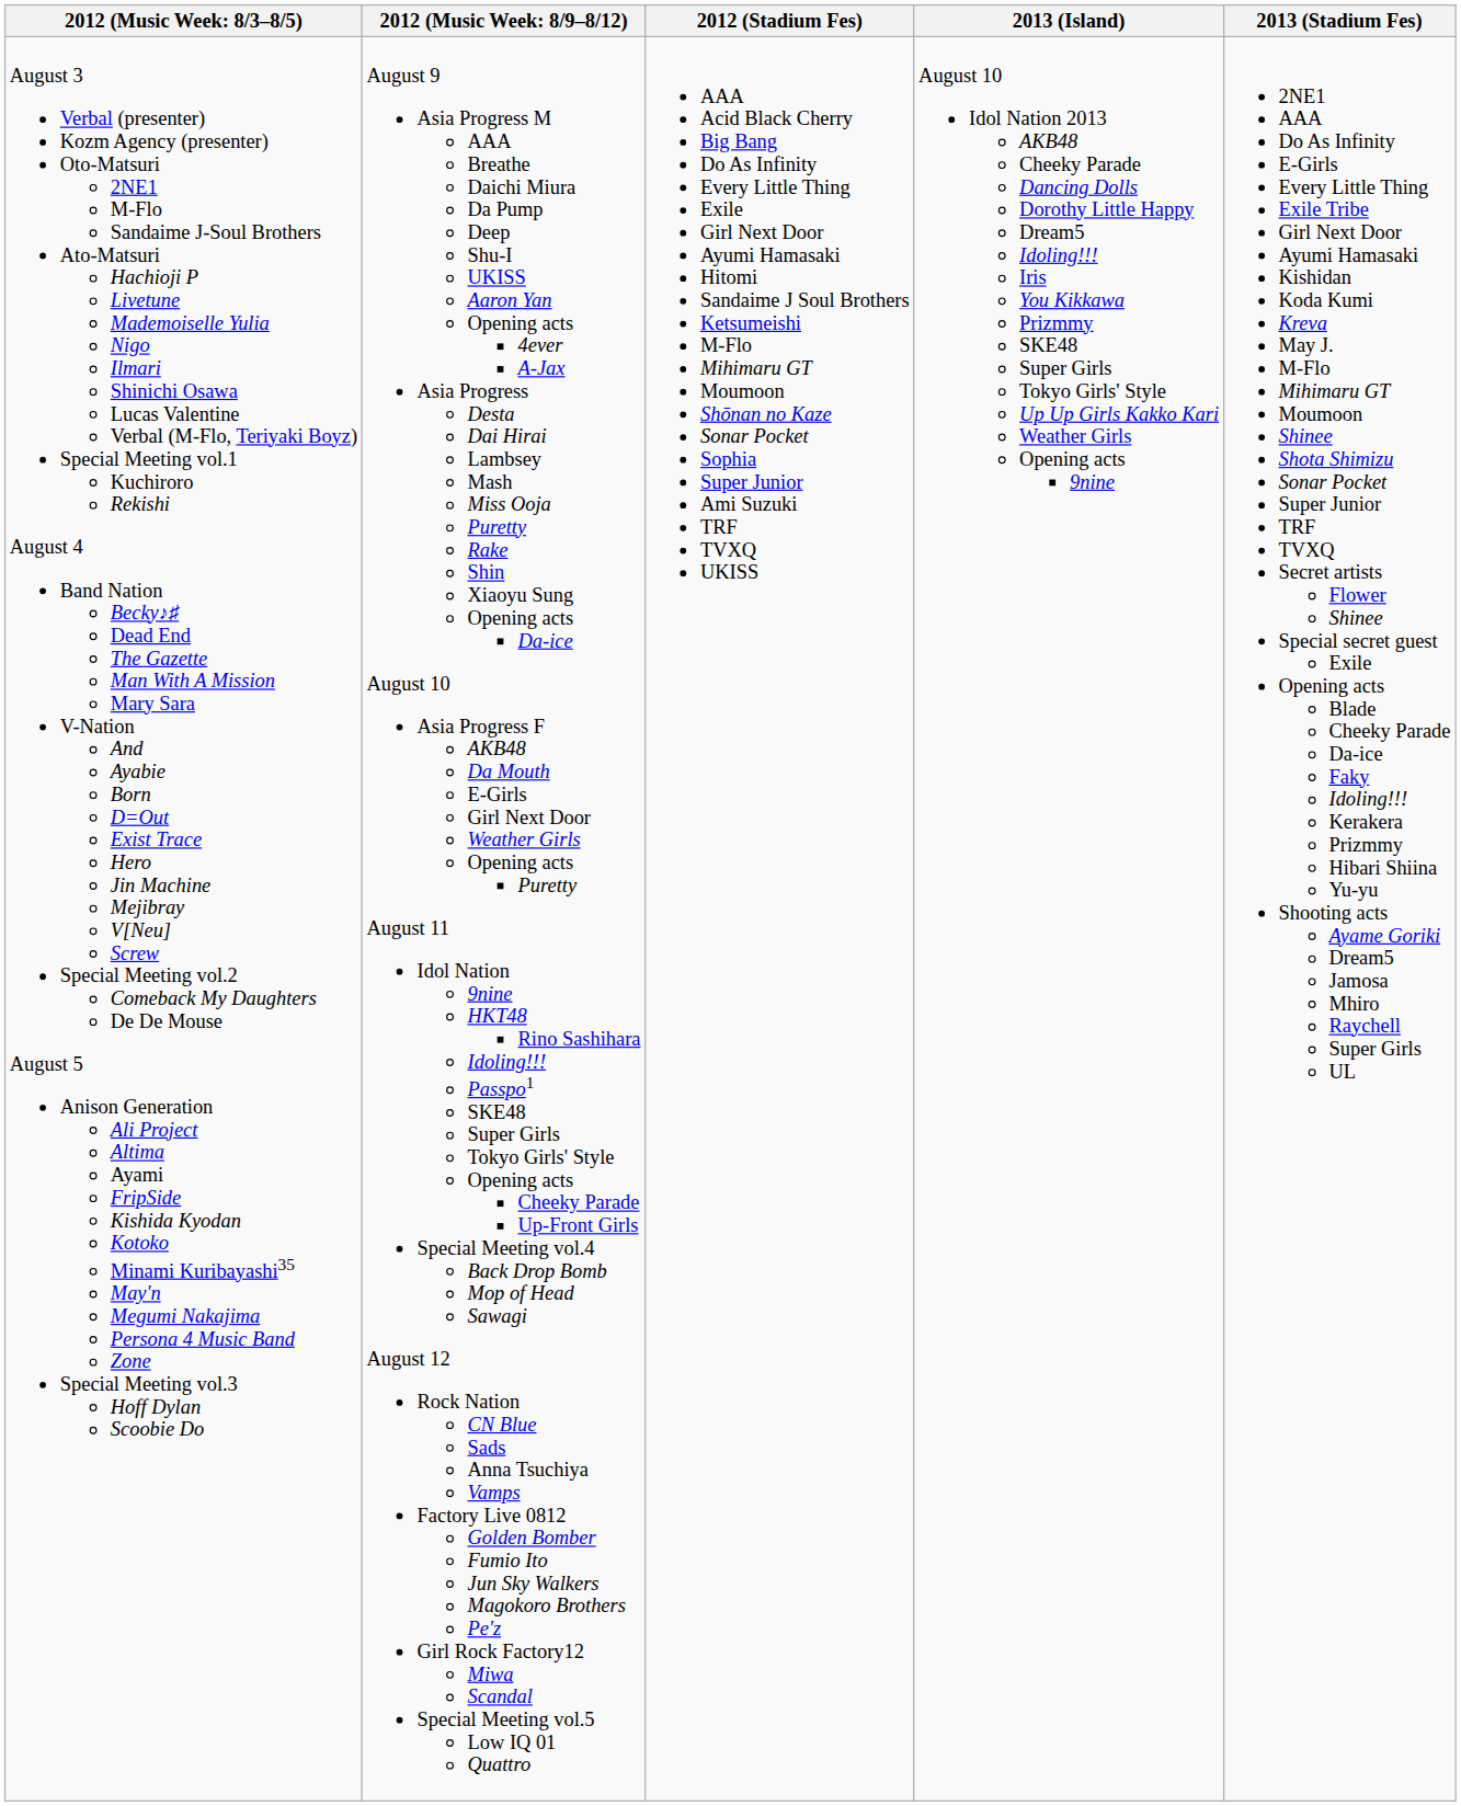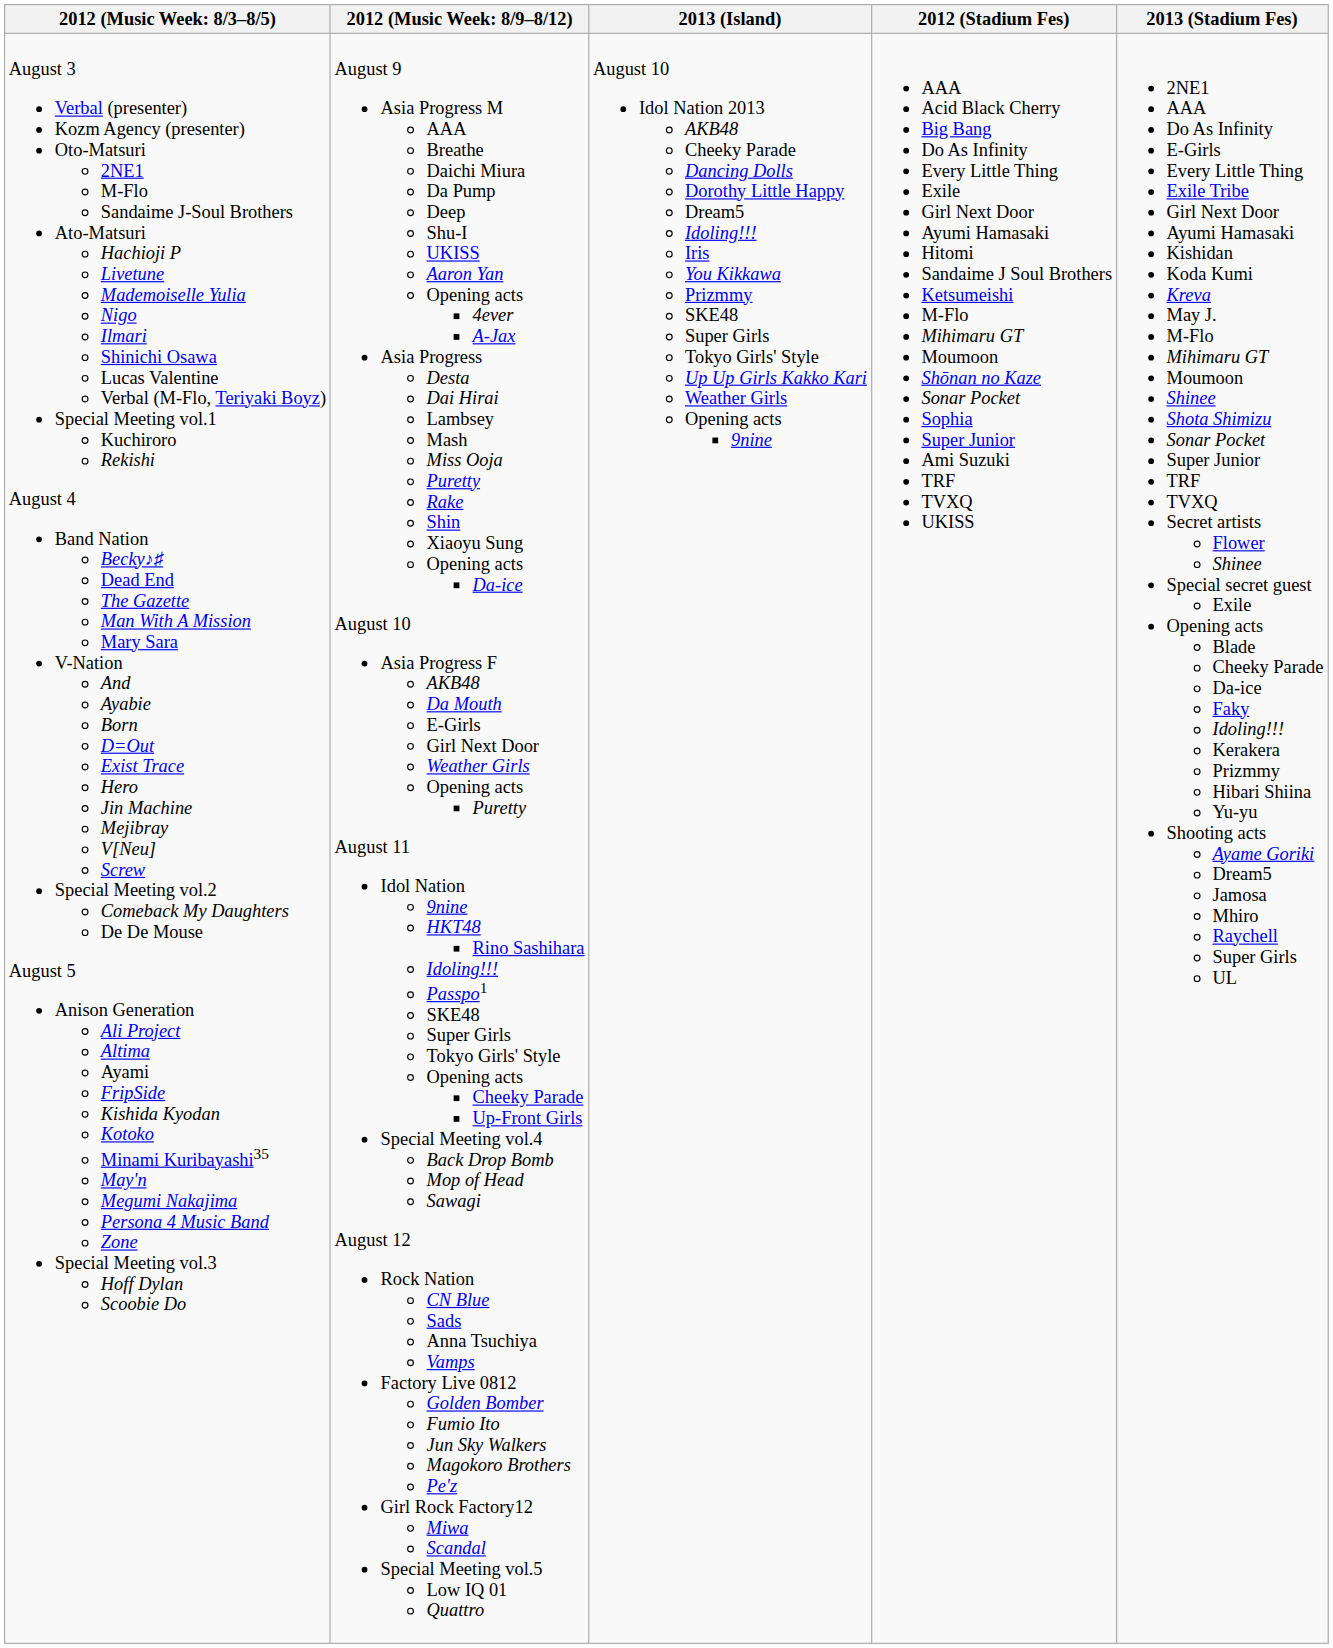 <table class="wikitable">
 <tr>
 <th>2012 (Music Week: 8/3–8/5)</th>
 <th>2012 (Music Week: 8/9–8/12)</th>
+<th>2013 (Island)</th>
 <th>2012 (Stadium Fes)</th>
-<th>2013 (Island)</th>
 <th>2013 (Stadium Fes)</th>
 </tr>
 <tr valign="top">
 <td><br>August 3<ul><li><a href='#'>Verbal</a> (presenter)</li><li>Kozm Agency (presenter)</li><li>Oto-Matsuri<ul><li><a href='#'>2NE1</a></li><li>M-Flo</li><li>Sandaime J-Soul Brothers</li></ul></li><li>Ato-Matsuri<ul><li><em>Hachioji P</em></li><li><em><a href='#'>Livetune</a></em></li><li><em><a href='#'>Mademoiselle Yulia</a></em></li><li><em><a href='#'>Nigo</a></em></li><li><em><a href='#'>Ilmari</a></em></li><li><a href='#'>Shinichi Osawa</a></li><li>Lucas Valentine</li><li>Verbal (M-Flo, <a href='#'>Teriyaki Boyz</a>)</li></ul></li><li>Special Meeting vol.1<ul><li>Kuchiroro</li><li><em>Rekishi</em></li></ul></li></ul>August 4<ul><li>Band Nation<ul><li><em><a href='#'>Becky♪♯</a></em></li><li><a href='#'>Dead End</a></li><li><em><a href='#'>The Gazette</a></em></li><li><em><a href='#'>Man With A Mission</a></em></li><li><a href='#'>Mary Sara</a></li></ul></li><li>V-Nation<ul><li><em>And</em></li><li><em>Ayabie</em></li><li><em>Born</em></li><li><em><a href='#'>D=Out</a></em></li><li><em><a href='#'>Exist Trace</a></em></li><li><em>Hero</em></li><li><em>Jin Machine</em></li><li><em>Mejibray</em></li><li><em>V[Neu]</em></li><li><em><a href='#'>Screw</a></em></li></ul></li><li>Special Meeting vol.2<ul><li><em>Comeback My Daughters</em></li><li>De De Mouse</li></ul></li></ul>August 5<ul><li>Anison Generation<ul><li><em><a href='#'>Ali Project</a></em></li><li><em><a href='#'>Altima</a></em></li><li>Ayami</li><li><em><a href='#'>FripSide</a></em></li><li><em>Kishida Kyodan</em></li><li><em><a href='#'>Kotoko</a></em></li><li><a href='#'>Minami Kuribayashi</a><sup>35</sup></li><li><em><a href='#'>May'n</a></em></li><li><em><a href='#'>Megumi Nakajima</a></em></li><li><em><a href='#'>Persona 4 Music Band</a></em></li><li><em><a href='#'>Zone</a></em></li></ul></li><li>Special Meeting vol.3<ul><li><em>Hoff Dylan</em></li><li><em>Scoobie Do</em></li></ul></li></ul></td>
 <td><br>August 9<ul><li>Asia Progress M<ul><li>AAA </li><li>Breathe </li><li>Daichi Miura </li><li>Da Pump </li><li>Deep </li><li>Shu-I </li><li><a href='#'>UKISS</a> </li><li><em><a href='#'>Aaron Yan</a></em> </li><li>Opening acts<ul><li><em>4ever</em> </li><li><em><a href='#'>A-Jax</a></em> </li></ul></li></ul></li><li>Asia Progress<ul><li><em>Desta</em> </li><li><em>Dai Hirai</em> </li><li>Lambsey </li><li>Mash </li><li><em>Miss Ooja</em> </li><li><em><a href='#'>Puretty</a></em> </li><li><em><a href='#'>Rake</a></em> </li><li><a href='#'>Shin</a> </li><li>Xiaoyu Sung </li><li>Opening acts<ul><li><em><a href='#'>Da-ice</a></em> </li></ul></li></ul></li></ul>August 10<ul><li>Asia Progress F<ul><li><em>AKB48</em> </li><li><em><a href='#'>Da Mouth</a></em> </li><li>E-Girls </li><li>Girl Next Door </li><li><em><a href='#'>Weather Girls</a></em> </li><li>Opening acts<ul><li><em>Puretty</em> </li></ul></li></ul></li></ul>August 11<ul><li>Idol Nation<ul><li><em><a href='#'>9nine</a></em></li><li><em><a href='#'>HKT48</a></em><ul><li><a href='#'>Rino Sashihara</a></li></ul></li><li><em><a href='#'>Idoling!!!</a></em></li><li><em><a href='#'>Passpo</a></em><sup>1</sup></li><li>SKE48</li><li>Super Girls</li><li>Tokyo Girls' Style</li><li>Opening acts<ul><li><a href='#'>Cheeky Parade</a></li><li><a href='#'>Up-Front Girls</a></li></ul></li></ul></li><li>Special Meeting vol.4<ul><li><em>Back Drop Bomb</em></li><li><em>Mop of Head</em></li><li><em>Sawagi</em></li></ul></li></ul>August 12<ul><li>Rock Nation<ul><li><em><a href='#'>CN Blue</a></em></li><li><a href='#'>Sads</a></li><li>Anna Tsuchiya</li><li><em><a href='#'>Vamps</a></em></li></ul></li><li>Factory Live 0812<ul><li><em><a href='#'>Golden Bomber</a></em></li><li><em>Fumio Ito</em></li><li><em>Jun Sky Walkers</em></li><li><em>Magokoro Brothers</em></li><li><em><a href='#'>Pe'z</a></em></li></ul></li><li>Girl Rock Factory12<ul><li><em><a href='#'>Miwa</a></em></li><li><em><a href='#'>Scandal</a></em></li></ul></li><li>Special Meeting vol.5<ul><li>Low IQ 01</li><li><em>Quattro</em></li></ul></li></ul></td>
+<td><br>August 10<ul><li>Idol Nation 2013<ul><li><em>AKB48</em></li><li>Cheeky Parade</li><li><em><a href='#'>Dancing Dolls</a></em></li><li><a href='#'>Dorothy Little Happy</a></li><li>Dream5</li><li><em><a href='#'>Idoling!!!</a></em></li><li><a href='#'>Iris</a></li><li><em><a href='#'>You Kikkawa</a></em></li><li><a href='#'>Prizmmy</a></li><li>SKE48</li><li>Super Girls</li><li>Tokyo Girls' Style</li><li><em><a href='#'>Up Up Girls Kakko Kari</a></em></li><li><a href='#'>Weather Girls</a></li><li>Opening acts<ul><li><em><a href='#'>9nine</a></em></li></ul></li></ul></li></ul></td>
 <td><br><ul><li>AAA</li><li>Acid Black Cherry</li><li><a href='#'>Big Bang</a></li><li>Do As Infinity</li><li>Every Little Thing</li><li>Exile</li><li>Girl Next Door</li><li>Ayumi Hamasaki</li><li>Hitomi</li><li>Sandaime J Soul Brothers</li><li><a href='#'>Ketsumeishi</a></li><li>M-Flo</li><li><em>Mihimaru GT</em></li><li>Moumoon</li><li><em><a href='#'>Shōnan no Kaze</a></em></li><li><em>Sonar Pocket</em></li><li><a href='#'>Sophia</a></li><li><a href='#'>Super Junior</a></li><li>Ami Suzuki</li><li>TRF</li><li>TVXQ</li><li>UKISS</li></ul></td>
-<td><br>August 10<ul><li>Idol Nation 2013<ul><li><em>AKB48</em></li><li>Cheeky Parade</li><li><em><a href='#'>Dancing Dolls</a></em></li><li><a href='#'>Dorothy Little Happy</a></li><li>Dream5</li><li><em><a href='#'>Idoling!!!</a></em></li><li><a href='#'>Iris</a></li><li><em><a href='#'>You Kikkawa</a></em></li><li><a href='#'>Prizmmy</a></li><li>SKE48</li><li>Super Girls</li><li>Tokyo Girls' Style</li><li><em><a href='#'>Up Up Girls Kakko Kari</a></em></li><li><a href='#'>Weather Girls</a></li><li>Opening acts<ul><li><em><a href='#'>9nine</a></em></li></ul></li></ul></li></ul></td>
 <td><br><ul><li>2NE1</li><li>AAA</li><li>Do As Infinity</li><li>E-Girls</li><li>Every Little Thing</li><li><a href='#'>Exile Tribe</a></li><li>Girl Next Door</li><li>Ayumi Hamasaki</li><li>Kishidan</li><li>Koda Kumi</li><li><em><a href='#'>Kreva</a></em></li><li>May J.</li><li>M-Flo</li><li><em>Mihimaru GT</em></li><li>Moumoon</li><li><em><a href='#'>Shinee</a></em></li><li><em><a href='#'>Shota Shimizu</a></em></li><li><em>Sonar Pocket</em></li><li>Super Junior</li><li>TRF</li><li>TVXQ</li><li>Secret artists<ul><li><a href='#'>Flower</a></li><li><em>Shinee</em></li></ul></li><li>Special secret guest<ul><li>Exile</li></ul></li><li>Opening acts<ul><li>Blade</li><li>Cheeky Parade</li><li>Da-ice</li><li><a href='#'>Faky</a></li><li><em>Idoling!!!</em></li><li>Kerakera</li><li>Prizmmy</li><li>Hibari Shiina</li><li>Yu-yu</li></ul></li><li>Shooting acts<ul><li><em><a href='#'>Ayame Goriki</a></em></li><li>Dream5</li><li>Jamosa</li><li>Mhiro</li><li><a href='#'>Raychell</a></li><li>Super Girls</li><li>UL</li></ul></li></ul></td>
 </tr>
 </table>
